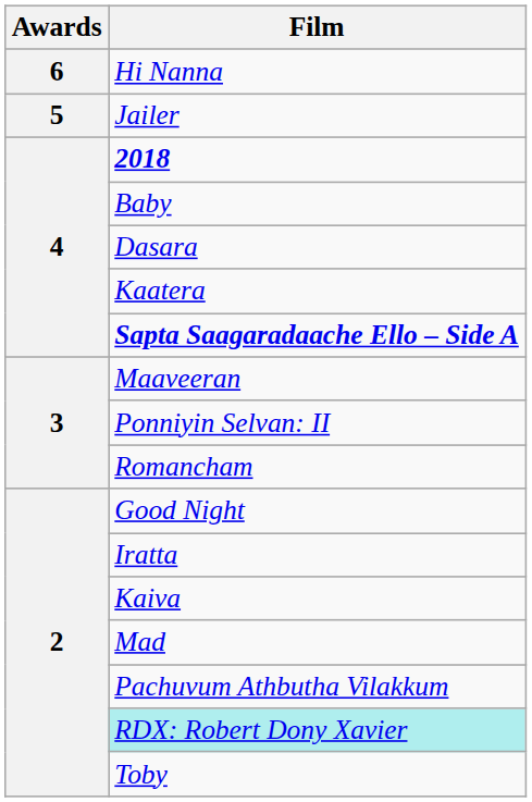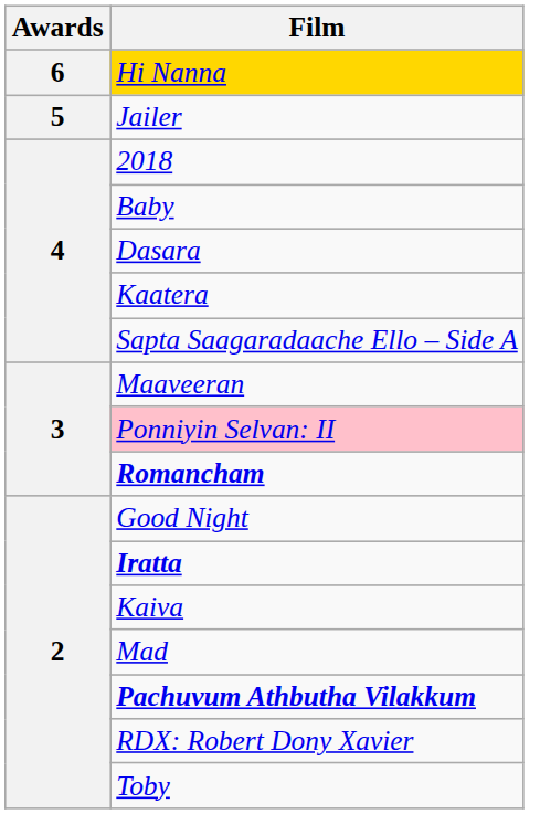 <table class="wikitable" style="display:inline-table;">
 <tr>
 <th>Awards</th>
 <th>Film</th>
 </tr>
 <tr>
 <th>6</th>
-<td><em><a href='#'>Hi Nanna</a></em></td>
+<td style="background: gold;"><em><a href='#'>Hi Nanna</a></em></td>
 </tr>
 <tr>
 <th>5</th>
 <td><a href='#'><em>Jailer</em></a></td>
 </tr>
 <tr>
 <th rowspan="5">4</th>
-<td><strong><a href='#'><em>2018</em></a></strong></td>
+<td><a href='#'><em>2018</em></a></td>
 </tr>
 <tr>
 <td><a href='#'><em>Baby</em></a></td>
 </tr>
 <tr>
 <td><a href='#'><em>Dasara</em></a></td>
 </tr>
 <tr>
 <td><em><a href='#'>Kaatera</a></em></td>
 </tr>
 <tr>
-<td><strong><em><a href='#'>Sapta Saagaradaache Ello – Side A</a></em></strong></td>
+<td><em><a href='#'>Sapta Saagaradaache Ello – Side A</a></em></td>
 </tr>
 <tr>
 <th rowspan="3">3</th>
 <td><a href='#'><em>Maaveeran</em></a><em></em></td>
 </tr>
 <tr>
-<td><em><a href='#'>Ponniyin Selvan: II</a></em></td>
+<td style="background: pink;"><em><a href='#'>Ponniyin Selvan: II</a></em></td>
 </tr>
 <tr>
-<td><em><a href='#'>Romancham</a></em></td>
+<td><strong><em><a href='#'>Romancham</a></em></strong></td>
 </tr>
 <tr>
 <th rowspan="7">2</th>
 <td><a href='#'><em>Good Night</em></a></td>
 </tr>
 <tr>
-<td><em><a href='#'>Iratta</a></em></td>
+<td><strong><em><a href='#'>Iratta</a></em></strong></td>
 </tr>
 <tr>
 <td><a href='#'><em>Kaiva</em></a></td>
 </tr>
 <tr>
 <td><a href='#'><em>Mad</em></a></td>
 </tr>
 <tr>
-<td><em><a href='#'>Pachuvum Athbutha Vilakkum</a></em></td>
+<td><strong><em><a href='#'>Pachuvum Athbutha Vilakkum</a></em></strong></td>
 </tr>
 <tr>
-<td style="background: paleturquoise;"><em><a href='#'>RDX: Robert Dony Xavier</a></em></td>
+<td><em><a href='#'>RDX: Robert Dony Xavier</a></em></td>
 </tr>
 <tr>
 <td><a href='#'><em>Toby</em></a></td>
 </tr>
 </table>
